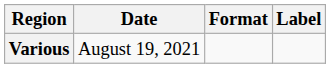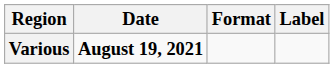 <table class="wikitable plainrowheaders">
 <tr>
 <th scope="col">Region</th>
 <th scope="col">Date</th>
 <th scope="col">Format</th>
 <th scope="col">Label</th>
 </tr>
 <tr>
 <th scope="row" rowspan="2">Various</th>
-<td>August 19, 2021</td>
+<td><strong>August 19, 2021</strong></td>
 <td rowspan="1"></td>
 <td></td>
 </tr>
 </table>
